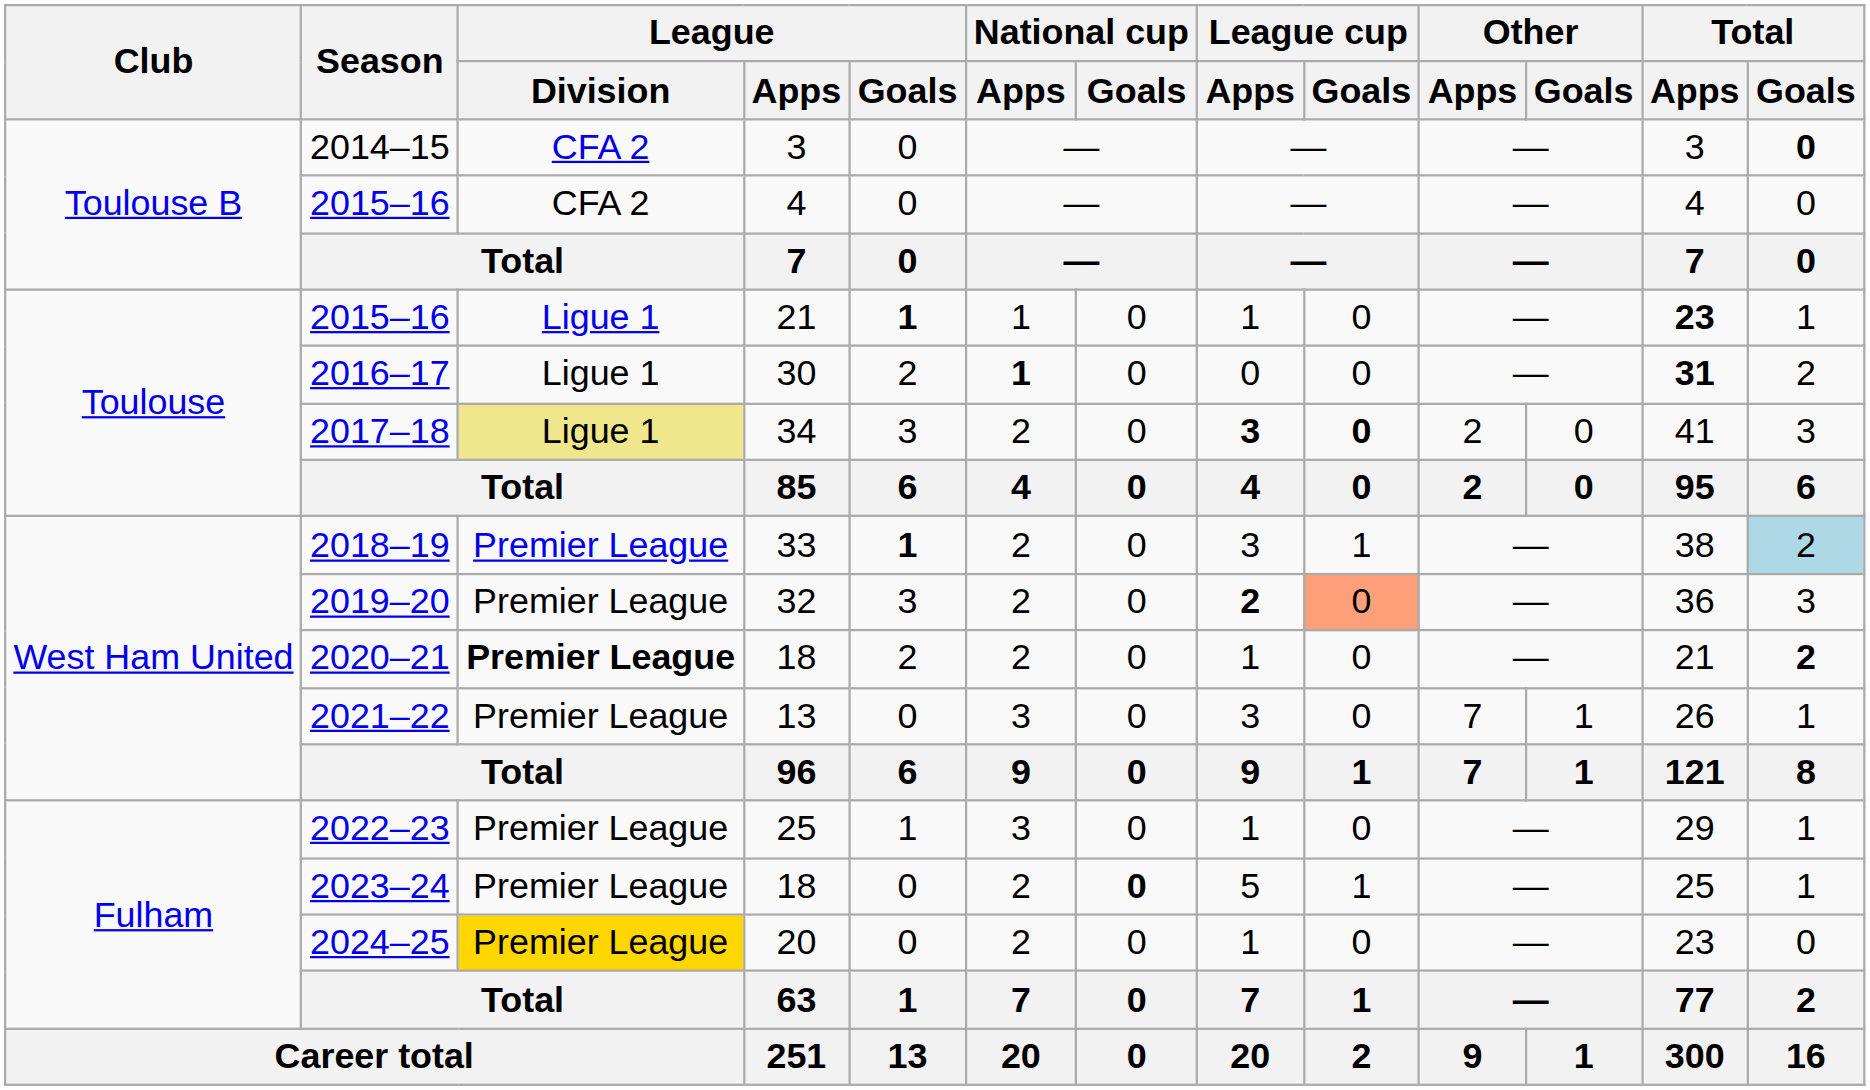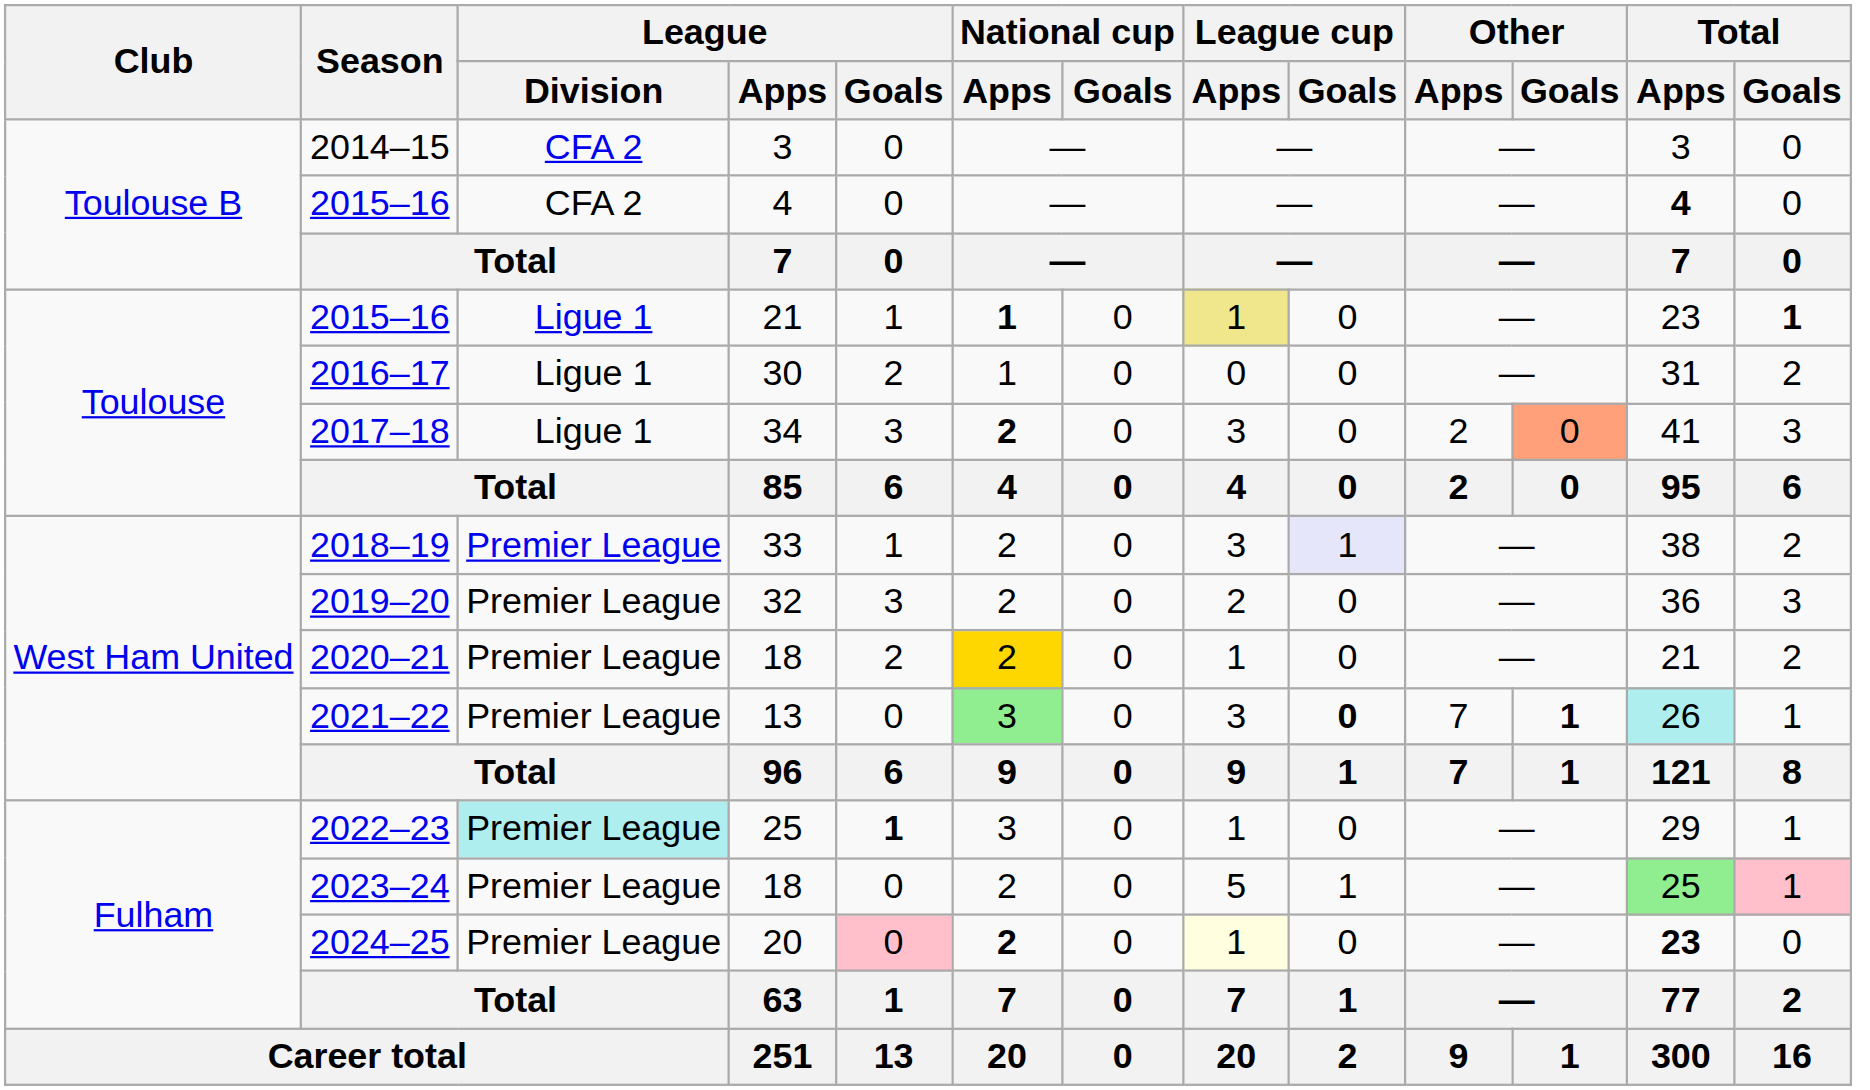 <table class="wikitable" style="text-align:center">
 <tr>
 <th rowspan=2>Club</th>
 <th rowspan=2>Season</th>
 <th colspan=3>League</th>
 <th colspan=2>National cup</th>
 <th colspan=2>League cup</th>
 <th colspan=2>Other</th>
 <th colspan=2>Total</th>
 </tr>
 <tr>
 <th>Division</th>
 <th>Apps</th>
 <th>Goals</th>
 <th>Apps</th>
 <th>Goals</th>
 <th>Apps</th>
 <th>Goals</th>
 <th>Apps</th>
 <th>Goals</th>
 <th>Apps</th>
 <th>Goals</th>
 </tr>
 <tr>
 <td rowspan=3><a href='#'>Toulouse B</a></td>
 <td>2014–15</td>
 <td><a href='#'>CFA 2</a></td>
 <td>3</td>
 <td>0</td>
 <td colspan=2>—</td>
 <td colspan=2>—</td>
 <td colspan=2>—</td>
 <td>3</td>
-<td><strong>0</strong></td>
+<td>0</td>
 </tr>
 <tr>
 <td><a href='#'>2015–16</a></td>
 <td>CFA 2</td>
 <td>4</td>
 <td>0</td>
 <td colspan=2>—</td>
 <td colspan=2>—</td>
 <td colspan=2>—</td>
-<td>4</td>
+<td><strong>4</strong></td>
 <td>0</td>
 </tr>
 <tr>
 <th colspan=2>Total</th>
 <th>7</th>
 <th>0</th>
 <th colspan=2>—</th>
 <th colspan=2>—</th>
 <th colspan=2>—</th>
 <th>7</th>
 <th>0</th>
 </tr>
 <tr>
 <td rowspan=4><a href='#'>Toulouse</a></td>
 <td><a href='#'>2015–16</a></td>
 <td><a href='#'>Ligue 1</a></td>
 <td>21</td>
+<td>1</td>
 <td><strong>1</strong></td>
-<td>1</td>
 <td>0</td>
-<td>1</td>
+<td style="background: khaki;">1</td>
 <td>0</td>
 <td colspan=2>—</td>
-<td><strong>23</strong></td>
-<td>1</td>
+<td>23</td>
+<td><strong>1</strong></td>
 </tr>
 <tr>
 <td><a href='#'>2016–17</a></td>
 <td>Ligue 1</td>
 <td>30</td>
 <td>2</td>
-<td><strong>1</strong></td>
+<td>1</td>
 <td>0</td>
 <td>0</td>
 <td>0</td>
 <td colspan=2>—</td>
-<td><strong>31</strong></td>
+<td>31</td>
 <td>2</td>
 </tr>
 <tr>
 <td><a href='#'>2017–18</a></td>
-<td style="background: khaki;">Ligue 1</td>
+<td>Ligue 1</td>
 <td>34</td>
 <td>3</td>
+<td><strong>2</strong></td>
+<td>0</td>
+<td>3</td>
+<td>0</td>
 <td>2</td>
-<td>0</td>
-<td><strong>3</strong></td>
-<td><strong>0</strong></td>
-<td>2</td>
-<td>0</td>
+<td style="background: lightsalmon;">0</td>
 <td>41</td>
 <td>3</td>
 </tr>
 <tr>
 <th colspan=2>Total</th>
 <th>85</th>
 <th>6</th>
 <th>4</th>
 <th>0</th>
 <th>4</th>
 <th>0</th>
 <th>2</th>
 <th>0</th>
 <th>95</th>
 <th>6</th>
 </tr>
 <tr>
 <td rowspan=5><a href='#'>West Ham United</a></td>
 <td><a href='#'>2018–19</a></td>
 <td><a href='#'>Premier League</a></td>
 <td>33</td>
-<td><strong>1</strong></td>
+<td>1</td>
 <td>2</td>
 <td>0</td>
 <td>3</td>
-<td>1</td>
+<td style="background: lavender;">1</td>
 <td colspan=2>—</td>
 <td>38</td>
-<td style="background: lightblue;">2</td>
+<td>2</td>
 </tr>
 <tr>
 <td><a href='#'>2019–20</a></td>
 <td>Premier League</td>
 <td>32</td>
 <td>3</td>
 <td>2</td>
 <td>0</td>
-<td><strong>2</strong></td>
-<td style="background: lightsalmon;">0</td>
+<td>2</td>
+<td>0</td>
 <td colspan=2>—</td>
 <td>36</td>
 <td>3</td>
 </tr>
 <tr>
 <td><a href='#'>2020–21</a></td>
-<td><strong>Premier League</strong></td>
+<td>Premier League</td>
 <td>18</td>
 <td>2</td>
-<td>2</td>
+<td style="background: gold;">2</td>
 <td>0</td>
 <td>1</td>
 <td>0</td>
 <td colspan=2>—</td>
 <td>21</td>
-<td><strong>2</strong></td>
+<td>2</td>
 </tr>
 <tr>
 <td><a href='#'>2021–22</a></td>
 <td>Premier League</td>
 <td>13</td>
 <td>0</td>
-<td>3</td>
+<td style="background: lightgreen;">3</td>
 <td>0</td>
 <td>3</td>
-<td>0</td>
+<td><strong>0</strong></td>
 <td>7</td>
-<td>1</td>
-<td>26</td>
+<td><strong>1</strong></td>
+<td style="background: paleturquoise;">26</td>
 <td>1</td>
 </tr>
 <tr>
 <th colspan=2>Total</th>
 <th>96</th>
 <th>6</th>
 <th>9</th>
 <th>0</th>
 <th>9</th>
 <th>1</th>
 <th>7</th>
 <th>1</th>
 <th>121</th>
 <th>8</th>
 </tr>
 <tr>
 <td rowspan="4"><a href='#'>Fulham</a></td>
 <td><a href='#'>2022–23</a></td>
-<td>Premier League</td>
+<td style="background: paleturquoise;">Premier League</td>
 <td>25</td>
-<td>1</td>
+<td><strong>1</strong></td>
 <td>3</td>
 <td>0</td>
 <td>1</td>
 <td>0</td>
 <td colspan=2>—</td>
 <td>29</td>
 <td>1</td>
 </tr>
 <tr>
 <td><a href='#'>2023–24</a></td>
 <td>Premier League</td>
 <td>18</td>
 <td>0</td>
 <td>2</td>
-<td><strong>0</strong></td>
+<td>0</td>
 <td>5</td>
 <td>1</td>
 <td colspan=2>—</td>
-<td>25</td>
-<td>1</td>
+<td style="background: lightgreen;">25</td>
+<td style="background: pink;">1</td>
 </tr>
 <tr>
 <td><a href='#'>2024–25</a></td>
-<td style="background: gold;">Premier League</td>
+<td>Premier League</td>
 <td>20</td>
+<td style="background: pink;">0</td>
+<td><strong>2</strong></td>
 <td>0</td>
-<td>2</td>
-<td>0</td>
-<td>1</td>
+<td style="background: lightyellow;">1</td>
 <td>0</td>
 <td colspan="2">—</td>
-<td>23</td>
+<td><strong>23</strong></td>
 <td>0</td>
 </tr>
 <tr>
 <th colspan=2>Total</th>
 <th>63</th>
 <th>1</th>
 <th>7</th>
 <th>0</th>
 <th>7</th>
 <th>1</th>
 <th colspan=2>—</th>
 <th>77</th>
 <th>2</th>
 </tr>
 <tr>
 <th colspan=3>Career total</th>
 <th>251</th>
 <th>13</th>
 <th>20</th>
 <th>0</th>
 <th>20</th>
 <th>2</th>
 <th>9</th>
 <th>1</th>
 <th>300</th>
 <th>16</th>
 </tr>
 </table>
